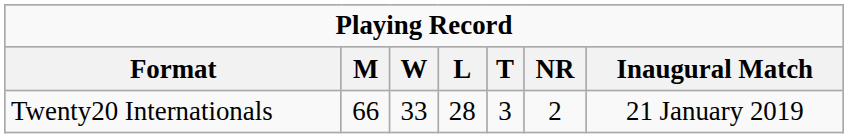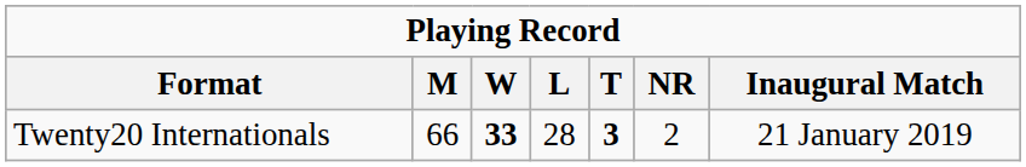 <table class="wikitable" style="text-align: center; width: 500px;">
 <tr>
 <td colspan=7 align="center"><strong>Playing Record</strong></td>
 </tr>
 <tr>
 <th>Format</th>
 <th>M</th>
 <th>W</th>
 <th>L</th>
 <th>T</th>
 <th>NR</th>
 <th>Inaugural Match</th>
 </tr>
 <tr>
 <td align="left">Twenty20 Internationals</td>
 <td>66</td>
-<td>33</td>
+<td><strong>33</strong></td>
 <td>28</td>
-<td>3</td>
+<td><strong>3</strong></td>
 <td>2</td>
 <td>21 January 2019</td>
 </tr>
 </table>
